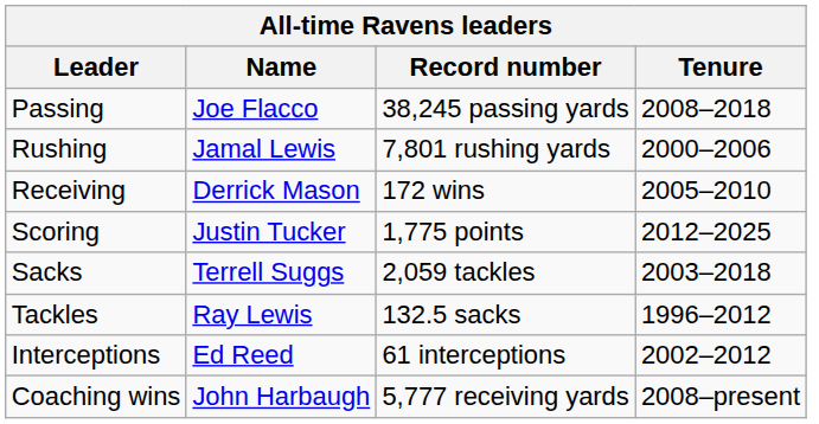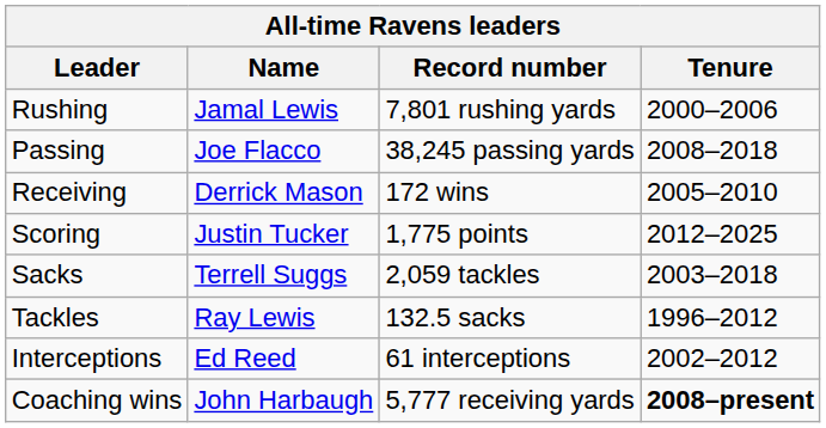 <table class="wikitable" style="margin:left">
 <tr>
 <th colspan="4">All-time Ravens leaders</th>
 </tr>
 <tr>
 <th>Leader</th>
 <th>Name</th>
 <th>Record number</th>
 <th>Tenure</th>
 </tr>
 <tr>
+<td>Rushing</td>
+<td><a href='#'>Jamal Lewis</a></td>
+<td>7,801 rushing yards</td>
+<td>2000–2006</td>
+</tr>
+<tr>
 <td>Passing</td>
 <td><a href='#'>Joe Flacco</a></td>
 <td>38,245 passing yards</td>
 <td>2008–2018</td>
-</tr>
-<tr>
-<td>Rushing</td>
-<td><a href='#'>Jamal Lewis</a></td>
-<td>7,801 rushing yards</td>
-<td>2000–2006</td>
 </tr>
 <tr>
 <td>Receiving</td>
 <td><a href='#'>Derrick Mason</a></td>
 <td>172 wins</td>
 <td>2005–2010</td>
 </tr>
 <tr>
 <td>Scoring</td>
 <td><a href='#'>Justin Tucker</a></td>
 <td>1,775 points</td>
 <td>2012–2025</td>
 </tr>
 <tr>
 <td>Sacks</td>
 <td><a href='#'>Terrell Suggs</a></td>
 <td>2,059 tackles</td>
 <td>2003–2018</td>
 </tr>
 <tr>
 <td>Tackles</td>
 <td><a href='#'>Ray Lewis</a></td>
 <td>132.5 sacks</td>
 <td>1996–2012</td>
 </tr>
 <tr>
 <td>Interceptions</td>
 <td><a href='#'>Ed Reed</a></td>
 <td>61 interceptions</td>
 <td>2002–2012</td>
 </tr>
 <tr>
 <td>Coaching wins</td>
 <td><a href='#'>John Harbaugh</a></td>
 <td>5,777 receiving yards</td>
-<td>2008–present</td>
+<td><strong>2008–present</strong></td>
 </tr>
 </table>
